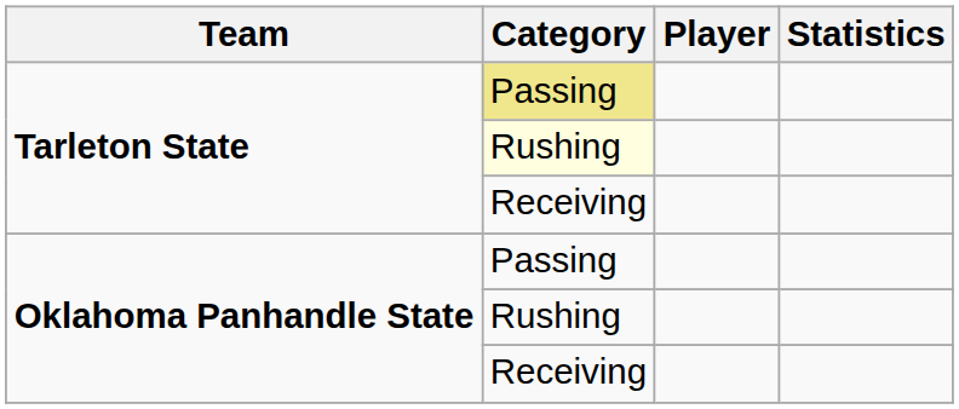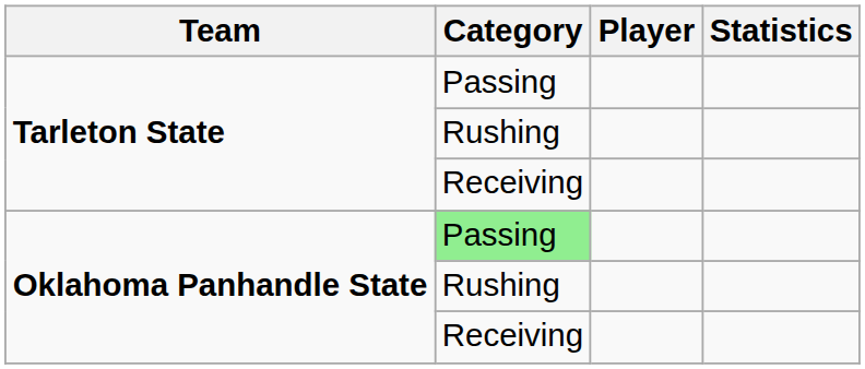 <table class="wikitable" style="float: left;">
 <tr>
 <th>Team</th>
 <th>Category</th>
 <th>Player</th>
 <th>Statistics</th>
 </tr>
 <tr>
 <td rowspan=3><strong>Tarleton State</strong></td>
-<td style="background: khaki;">Passing</td>
-<td></td>
-<td></td>
-</tr>
-<tr>
-<td style="background: lightyellow;">Rushing</td>
-<td></td>
-<td></td>
-</tr>
-<tr>
-<td>Receiving</td>
-<td></td>
-<td></td>
-</tr>
-<tr>
-<td rowspan=3><strong>Oklahoma Panhandle State</strong></td>
 <td>Passing</td>
 <td></td>
 <td></td>
 </tr>
 <tr>
 <td>Rushing</td>
 <td></td>
 <td></td>
 </tr>
 <tr>
 <td>Receiving</td>
 <td></td>
 <td></td>
 </tr>
+<tr>
+<td rowspan=3><strong>Oklahoma Panhandle State</strong></td>
+<td style="background: lightgreen;">Passing</td>
+<td></td>
+<td></td>
+</tr>
+<tr>
+<td>Rushing</td>
+<td></td>
+<td></td>
+</tr>
+<tr>
+<td>Receiving</td>
+<td></td>
+<td></td>
+</tr>
 </table>
